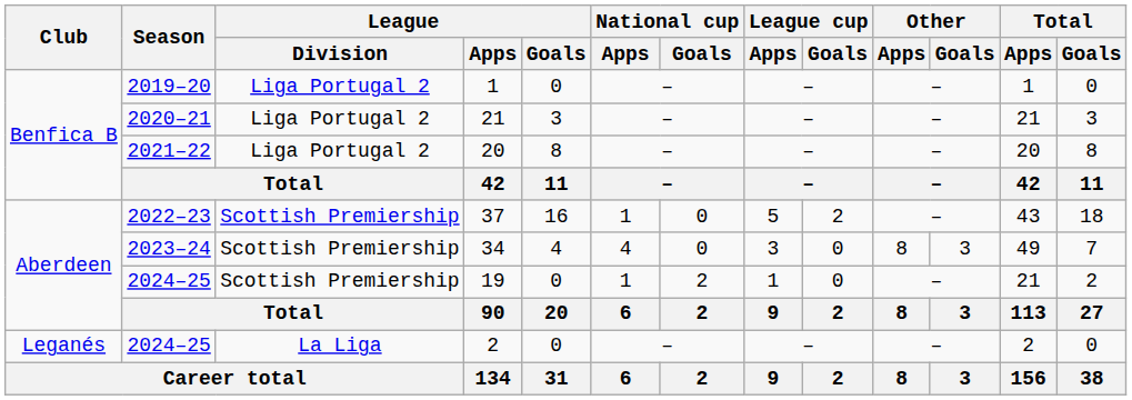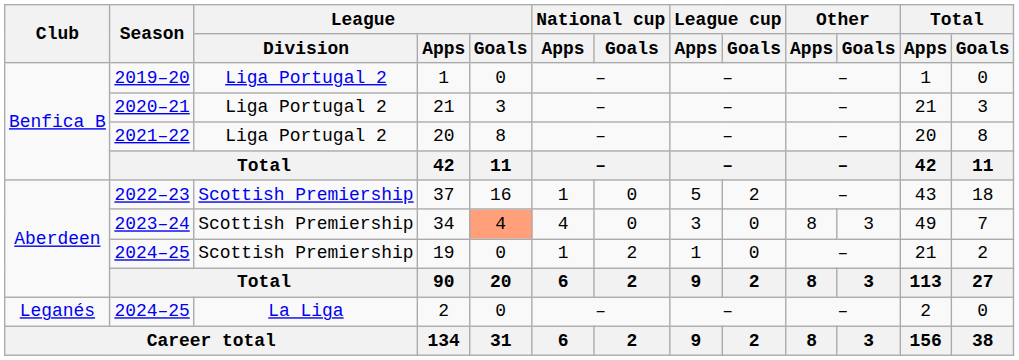 <table class="wikitable" style="text-align: center">
 <tr>
 <th rowspan="2">Club</th>
 <th rowspan="2">Season</th>
 <th colspan="3">League</th>
 <th colspan="2">National cup</th>
 <th colspan="2">League cup</th>
 <th colspan="2">Other</th>
 <th colspan="2">Total</th>
 </tr>
 <tr>
 <th>Division</th>
 <th>Apps</th>
 <th>Goals</th>
 <th>Apps</th>
 <th>Goals</th>
 <th>Apps</th>
 <th>Goals</th>
 <th>Apps</th>
 <th>Goals</th>
 <th>Apps</th>
 <th>Goals</th>
 </tr>
 <tr>
 <td rowspan="4"><a href='#'>Benfica B</a></td>
 <td><a href='#'>2019–20</a></td>
 <td><a href='#'>Liga Portugal 2</a></td>
 <td>1</td>
 <td>0</td>
 <td colspan="2">–</td>
 <td colspan="2">–</td>
 <td colspan="2">–</td>
 <td>1</td>
 <td>0</td>
 </tr>
 <tr>
 <td><a href='#'>2020–21</a></td>
 <td>Liga Portugal 2</td>
 <td>21</td>
 <td>3</td>
 <td colspan="2">–</td>
 <td colspan="2">–</td>
 <td colspan="2">–</td>
 <td>21</td>
 <td>3</td>
 </tr>
 <tr>
 <td><a href='#'>2021–22</a></td>
 <td>Liga Portugal 2</td>
 <td>20</td>
 <td>8</td>
 <td colspan="2">–</td>
 <td colspan="2">–</td>
 <td colspan="2">–</td>
 <td>20</td>
 <td>8</td>
 </tr>
 <tr>
 <th colspan="2">Total</th>
 <th>42</th>
 <th>11</th>
 <th colspan="2">–</th>
 <th colspan="2">–</th>
 <th colspan="2">–</th>
 <th>42</th>
 <th>11</th>
 </tr>
 <tr>
 <td rowspan="4"><a href='#'>Aberdeen</a></td>
 <td><a href='#'>2022–23</a></td>
 <td><a href='#'>Scottish Premiership</a></td>
 <td>37</td>
 <td>16</td>
 <td>1</td>
 <td>0</td>
 <td>5</td>
 <td>2</td>
 <td colspan="2">–</td>
 <td>43</td>
 <td>18</td>
 </tr>
 <tr>
 <td><a href='#'>2023–24</a></td>
 <td>Scottish Premiership</td>
 <td>34</td>
-<td>4</td>
+<td style="background: lightsalmon;">4</td>
 <td>4</td>
 <td>0</td>
 <td>3</td>
 <td>0</td>
 <td>8</td>
 <td>3</td>
 <td>49</td>
 <td>7</td>
 </tr>
 <tr>
 <td><a href='#'>2024–25</a></td>
 <td>Scottish Premiership</td>
 <td>19</td>
 <td>0</td>
 <td>1</td>
 <td>2</td>
 <td>1</td>
 <td>0</td>
 <td colspan="2">–</td>
 <td>21</td>
 <td>2</td>
 </tr>
 <tr>
 <th colspan="2">Total</th>
 <th>90</th>
 <th>20</th>
 <th>6</th>
 <th>2</th>
 <th>9</th>
 <th>2</th>
 <th>8</th>
 <th>3</th>
 <th>113</th>
 <th>27</th>
 </tr>
 <tr>
 <td><a href='#'>Leganés</a></td>
 <td><a href='#'>2024–25</a></td>
 <td><a href='#'>La Liga</a></td>
 <td>2</td>
 <td>0</td>
 <td colspan="2">–</td>
 <td colspan="2">–</td>
 <td colspan="2">–</td>
 <td>2</td>
 <td>0</td>
 </tr>
 <tr>
 <th colspan="3">Career total</th>
 <th>134</th>
 <th>31</th>
 <th>6</th>
 <th>2</th>
 <th>9</th>
 <th>2</th>
 <th>8</th>
 <th>3</th>
 <th>156</th>
 <th>38</th>
 </tr>
 </table>
